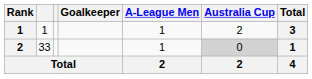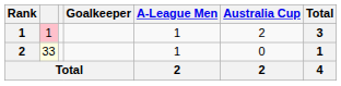 <table class="wikitable" style="text-align:center">
 <tr>
 <th>Rank</th>
 <th></th>
 <th></th>
 <th>Goalkeeper</th>
 <th><a href='#'>A-League Men</a></th>
 <th><a href='#'>Australia Cup</a></th>
 <th>Total</th>
 </tr>
 <tr>
 <th>1</th>
-<td>1</td>
+<td style="background: pink;">1</td>
 <td></td>
 <td align="left"></td>
 <td>1</td>
 <td>2</td>
 <th>3</th>
 </tr>
 <tr>
 <th>2</th>
-<td>33</td>
+<td style="background: lightyellow;">33</td>
 <td></td>
 <td align="left"></td>
 <td>1</td>
-<td style="background: lightgrey;">0</td>
+<td>0</td>
 <th>1</th>
 </tr>
 <tr>
 <th colspan="4">Total</th>
 <th>2</th>
 <th>2</th>
 <th>4</th>
 </tr>
 </table>
